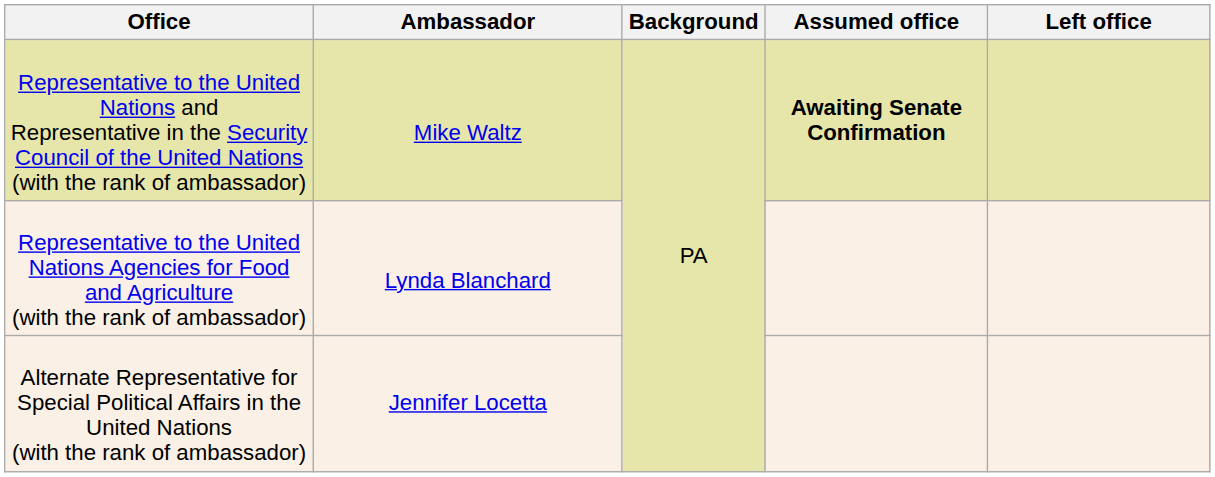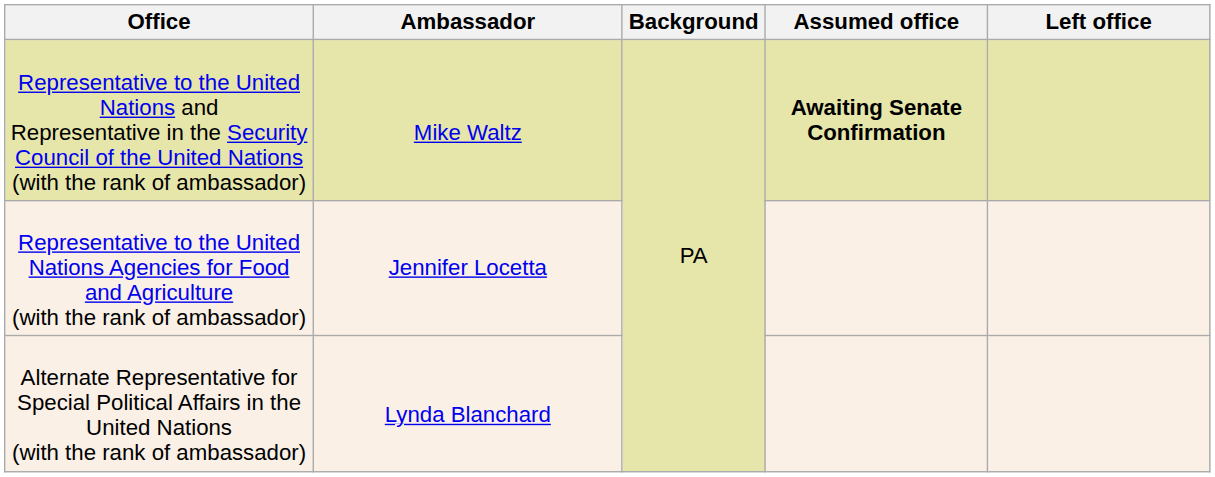 <table class="wikitable sortable" style="text-align:center">
 <tr>
 <th style="width:25%;">Office</th>
 <th style="width:25%;">Ambassador</th>
 <th style="width:10%;">Background</th>
 <th style="width:18%;" data-sort-="" type="date">Assumed office</th>
 <th style="width:18%;" data-sort-="" type="date">Left office</th>
 </tr>
 <tr style="background:#e6e6aa">
 <td><br><a href='#'>Representative to the United Nations</a> and<br>Representative in the <a href='#'>Security Council of the United Nations</a><br>(with the rank of ambassador)</td>
 <td><br><a href='#'>Mike Waltz</a></td>
 <td rowspan=3>PA</td>
 <td><strong>Awaiting Senate Confirmation</strong></td>
 <td></td>
 </tr>
 <tr style="background:linen">
 <td><br><a href='#'>Representative to the United Nations Agencies for Food and Agriculture</a><br>(with the rank of ambassador)</td>
-<td><br><a href='#'>Lynda Blanchard</a></td>
+<td><a href='#'>Jennifer Locetta</a></td>
 <td></td>
 <td></td>
 </tr>
 <tr style="background:linen">
 <td><br>Alternate Representative for Special Political Affairs in the United Nations<br>(with the rank of ambassador)</td>
-<td><a href='#'>Jennifer Locetta</a></td>
+<td><br><a href='#'>Lynda Blanchard</a></td>
 <td></td>
 <td></td>
 </tr>
 </table>
